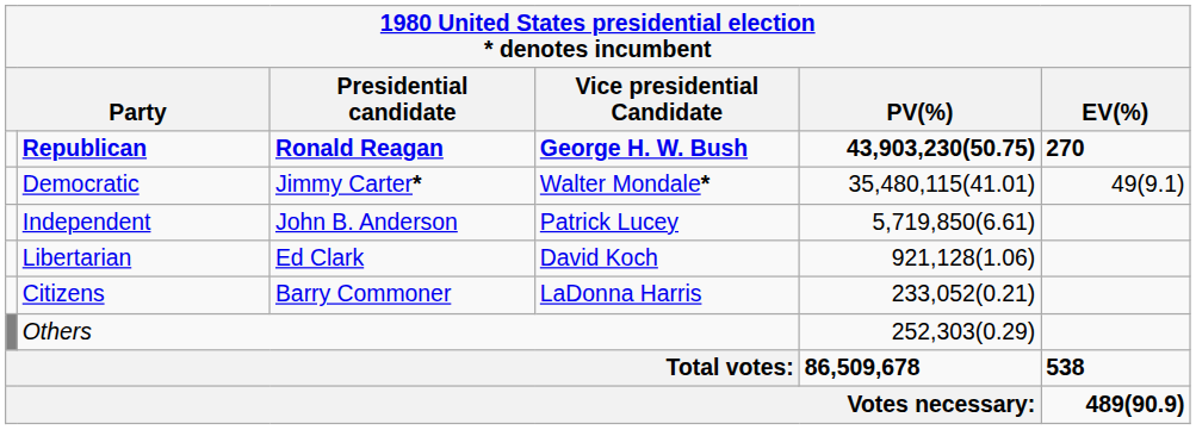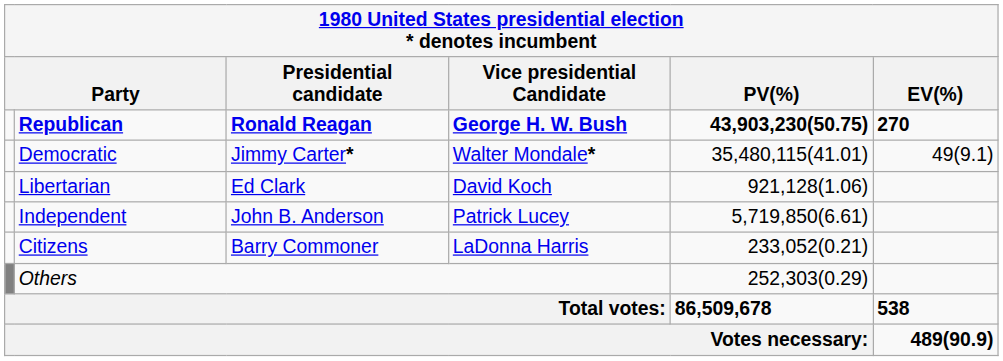 <table class="wikitable">
 <tr>
 <th colspan=6 style="background:#f5f5f5"><a href='#'>1980 United States presidential election</a><br>* denotes incumbent</th>
 </tr>
 <tr style="vertical-align:bottom;">
 <th style="width: 11em;" colspan=2>Party</th>
 <th>Presidential<br>candidate</th>
 <th>Vice presidential<br>Candidate</th>
 <th><abbr>PV</abbr>(%)</th>
 <th><abbr>EV</abbr>(%)</th>
 </tr>
 <tr>
 <td style="background-color: "></td>
 <td style="width: 10.5em;"><strong><a href='#'>Republican</a></strong></td>
 <td style="width: 11em;"><strong><a href='#'>Ronald Reagan</a></strong></td>
 <td style="width: 11em;"><strong><a href='#'>George H. W. Bush</a></strong></td>
 <td style="width: 10em; text-align:right"><strong>43,903,230(50.75)</strong></td>
 <td><strong>270</strong></td>
 </tr>
 <tr>
 <td style="background-color: "></td>
 <td><a href='#'>Democratic</a></td>
 <td><a href='#'>Jimmy Carter</a><strong>*</strong></td>
 <td><a href='#'>Walter Mondale</a><strong>*</strong></td>
 <td style="text-align:right">35,480,115(41.01)</td>
 <td style="text-align:right">49(9.1)</td>
 </tr>
 <tr>
 <td style="background-color: "></td>
+<td><a href='#'>Libertarian</a></td>
+<td><a href='#'>Ed Clark</a></td>
+<td><a href='#'>David Koch</a></td>
+<td style="text-align:right">921,128(1.06)</td>
+<td style="text-align:right"></td>
+</tr>
+<tr>
+<td style="background-color: "></td>
 <td><a href='#'>Independent</a></td>
 <td><a href='#'>John B. Anderson</a></td>
 <td><a href='#'>Patrick Lucey</a></td>
 <td style="text-align:right">5,719,850(6.61)</td>
-<td style="text-align:right"></td>
-</tr>
-<tr>
-<td style="background-color: "></td>
-<td><a href='#'>Libertarian</a></td>
-<td><a href='#'>Ed Clark</a></td>
-<td><a href='#'>David Koch</a></td>
-<td style="text-align:right">921,128(1.06)</td>
 <td style="text-align:right"></td>
 </tr>
 <tr>
 <td style="background-color: "></td>
 <td><a href='#'>Citizens</a></td>
 <td><a href='#'>Barry Commoner</a></td>
 <td><a href='#'>LaDonna Harris</a></td>
 <td style="text-align:right">233,052(0.21)</td>
 <td style="text-align:right"></td>
 </tr>
 <tr>
 <td style="background-color: gray"></td>
 <td colspan=3><em>Others</em></td>
 <td style="text-align:right">252,303(0.29)</td>
 <td style="text-align:right"></td>
 </tr>
 <tr>
 <th colspan=4 style="text-align:right">Total votes:</th>
 <td><strong>86,509,678</strong></td>
 <td><strong>538</strong></td>
 </tr>
 <tr>
 <th colspan=5 style="text-align:right">Votes necessary:</th>
 <td style="width: 6em; text-align:right"><strong>489(90.9)</strong></td>
 </tr>
 </table>
